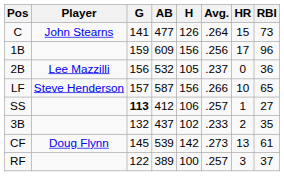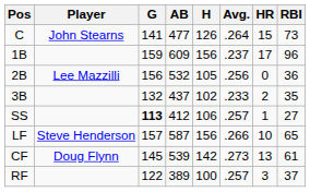 <table class="wikitable sortable">
 <tr>
 <th>Pos</th>
 <th>Player</th>
 <th>G</th>
 <th>AB</th>
 <th>H</th>
 <th>Avg.</th>
 <th>HR</th>
 <th>RBI</th>
 </tr>
 <tr style="text-align:center;">
 <td>C</td>
 <td><a href='#'>John Stearns</a></td>
 <td>141</td>
 <td>477</td>
 <td>126</td>
 <td>.264</td>
 <td>15</td>
 <td>73</td>
 </tr>
 <tr align=center>
 <td>1B</td>
 <td></td>
 <td>159</td>
 <td>609</td>
 <td>156</td>
-<td>.256</td>
+<td>.237</td>
 <td>17</td>
 <td>96</td>
 </tr>
 <tr style="text-align:center;">
 <td>2B</td>
 <td><a href='#'>Lee Mazzilli</a></td>
 <td>156</td>
 <td>532</td>
 <td>105</td>
-<td>.237</td>
+<td>.256</td>
 <td>0</td>
 <td>36</td>
 </tr>
-<tr style="text-align:center;">
-<td>LF</td>
-<td><a href='#'>Steve Henderson</a></td>
-<td>157</td>
-<td>587</td>
-<td>156</td>
-<td>.266</td>
-<td>10</td>
-<td>65</td>
+<tr align=center>
+<td>3B</td>
+<td></td>
+<td>132</td>
+<td>437</td>
+<td>102</td>
+<td>.233</td>
+<td>2</td>
+<td>35</td>
 </tr>
 <tr style="text-align:center;">
 <td>SS</td>
 <td></td>
 <td><strong>113</strong></td>
 <td>412</td>
 <td>106</td>
 <td>.257</td>
 <td>1</td>
 <td>27</td>
 </tr>
-<tr align=center>
-<td>3B</td>
-<td></td>
-<td>132</td>
-<td>437</td>
-<td>102</td>
-<td>.233</td>
-<td>2</td>
-<td>35</td>
+<tr style="text-align:center;">
+<td>LF</td>
+<td><a href='#'>Steve Henderson</a></td>
+<td>157</td>
+<td>587</td>
+<td>156</td>
+<td>.266</td>
+<td>10</td>
+<td>65</td>
 </tr>
 <tr align=center>
 <td>CF</td>
 <td><a href='#'>Doug Flynn</a></td>
 <td>145</td>
 <td>539</td>
 <td>142</td>
 <td>.273</td>
 <td>13</td>
 <td>61</td>
 </tr>
 <tr align=center>
 <td>RF</td>
 <td></td>
 <td>122</td>
 <td>389</td>
 <td>100</td>
 <td>.257</td>
 <td>3</td>
 <td>37</td>
 </tr>
 </table>
